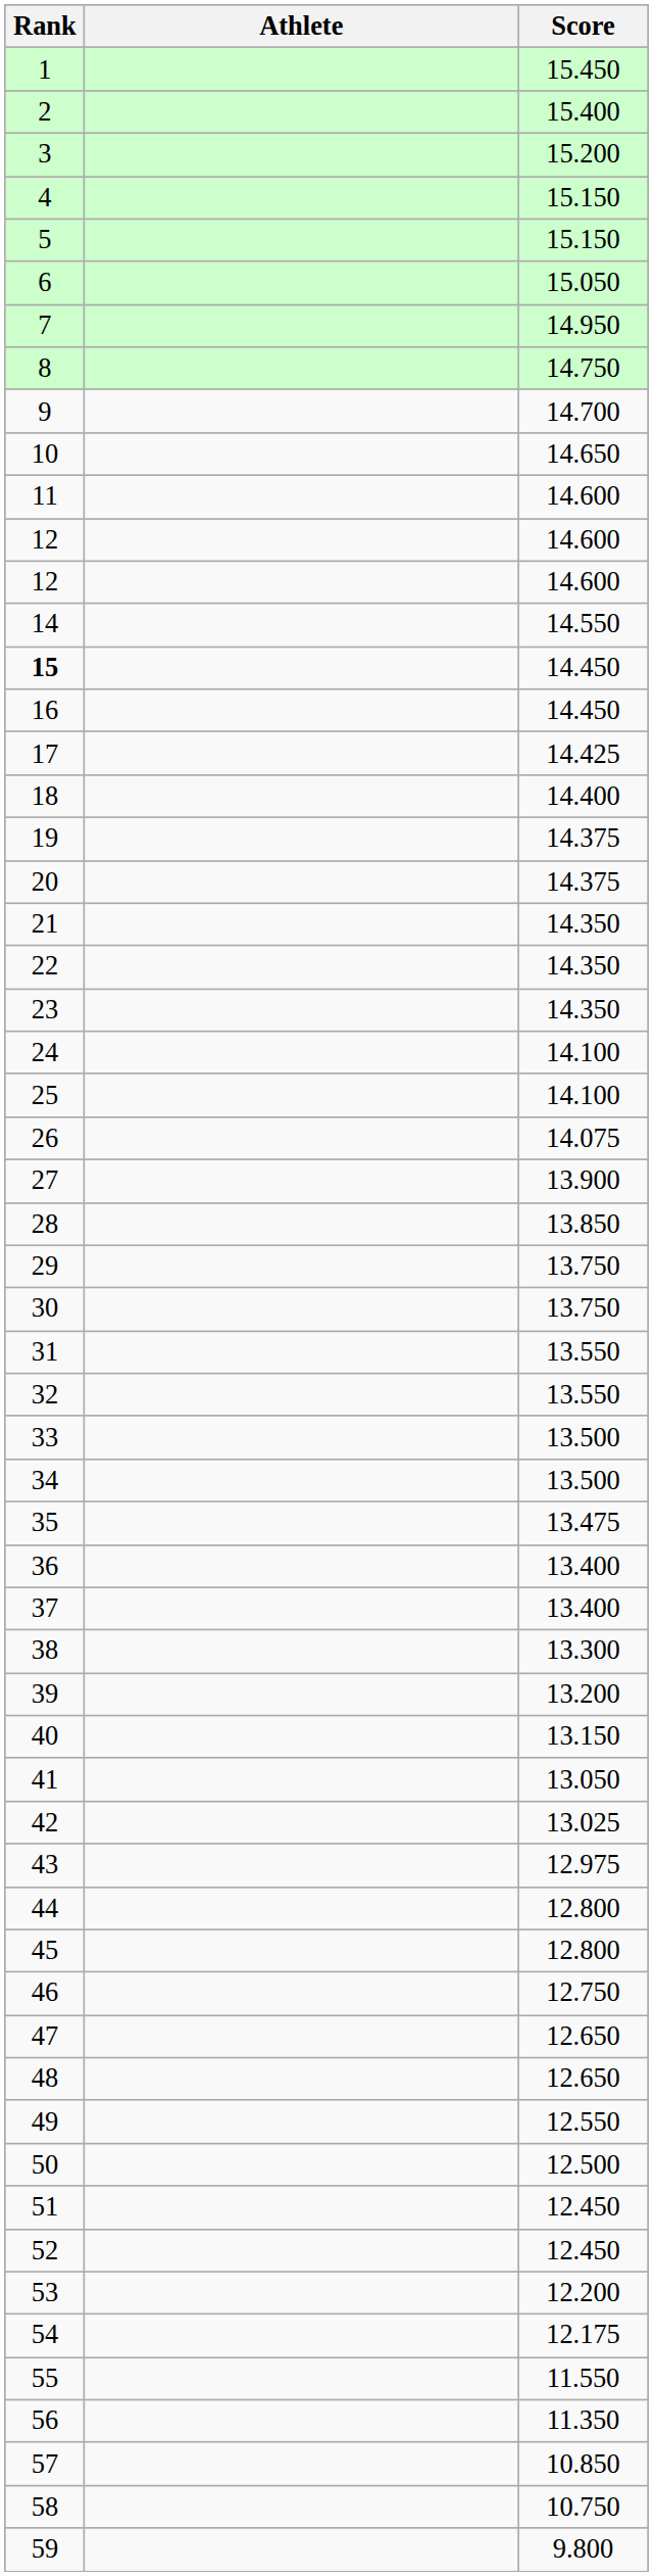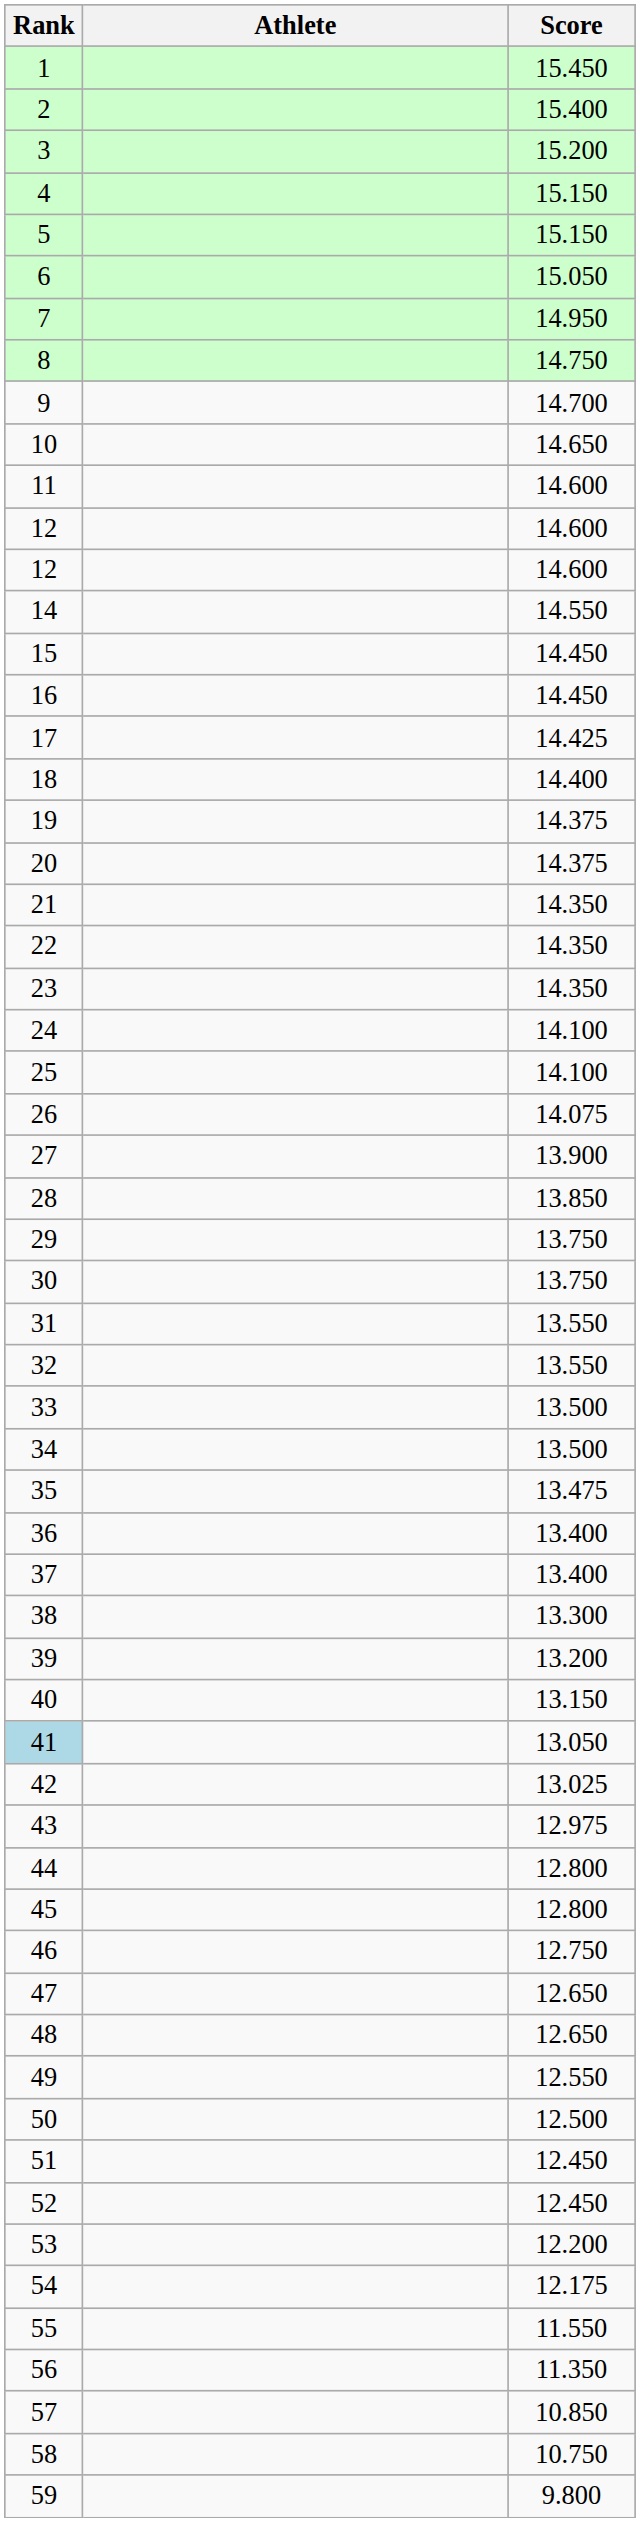 <table class=wikitable style="text-align:center">
 <tr>
 <th width=40>Rank</th>
 <th width=250>Athlete</th>
 <th width=70>Score</th>
 </tr>
 <tr bgcolor="ccffcc">
 <td>1</td>
 <td align=left></td>
 <td>15.450</td>
 </tr>
 <tr bgcolor="ccffcc">
 <td>2</td>
 <td align=left></td>
 <td>15.400</td>
 </tr>
 <tr bgcolor="ccffcc">
 <td>3</td>
 <td align=left></td>
 <td>15.200</td>
 </tr>
 <tr bgcolor="ccffcc">
 <td>4</td>
 <td align=left></td>
 <td>15.150</td>
 </tr>
 <tr bgcolor="ccffcc">
 <td>5</td>
 <td align=left></td>
 <td>15.150</td>
 </tr>
 <tr bgcolor="ccffcc">
 <td>6</td>
 <td align=left></td>
 <td>15.050</td>
 </tr>
 <tr bgcolor="ccffcc">
 <td>7</td>
 <td align=left></td>
 <td>14.950</td>
 </tr>
 <tr bgcolor="ccffcc">
 <td>8 </td>
 <td align=left></td>
 <td>14.750</td>
 </tr>
 <tr>
 <td>9</td>
 <td align=left></td>
 <td>14.700</td>
 </tr>
 <tr>
 <td>10 </td>
 <td align=left></td>
 <td>14.650</td>
 </tr>
 <tr>
 <td>11</td>
 <td align=left></td>
 <td>14.600</td>
 </tr>
 <tr>
 <td>12</td>
 <td align=left></td>
 <td>14.600</td>
 </tr>
 <tr>
 <td>12</td>
 <td align=left></td>
 <td>14.600</td>
 </tr>
 <tr>
 <td>14</td>
 <td align=left></td>
 <td>14.550</td>
 </tr>
 <tr>
-<td><strong>15</strong></td>
+<td>15</td>
 <td align=left></td>
 <td>14.450</td>
 </tr>
 <tr>
 <td>16</td>
 <td align=left></td>
 <td>14.450</td>
 </tr>
 <tr>
 <td>17</td>
 <td align=left></td>
 <td>14.425</td>
 </tr>
 <tr>
 <td>18</td>
 <td align=left></td>
 <td>14.400</td>
 </tr>
 <tr>
 <td>19</td>
 <td align=left></td>
 <td>14.375</td>
 </tr>
 <tr>
 <td>20</td>
 <td align=left></td>
 <td>14.375</td>
 </tr>
 <tr>
 <td>21</td>
 <td align=left></td>
 <td>14.350</td>
 </tr>
 <tr>
 <td>22</td>
 <td align=left></td>
 <td>14.350</td>
 </tr>
 <tr>
 <td>23</td>
 <td align=left></td>
 <td>14.350</td>
 </tr>
 <tr>
 <td>24</td>
 <td align=left></td>
 <td>14.100</td>
 </tr>
 <tr>
 <td>25</td>
 <td align=left></td>
 <td>14.100</td>
 </tr>
 <tr>
 <td>26</td>
 <td align=left></td>
 <td>14.075</td>
 </tr>
 <tr>
 <td>27</td>
 <td align=left></td>
 <td>13.900</td>
 </tr>
 <tr>
 <td>28</td>
 <td align=left></td>
 <td>13.850</td>
 </tr>
 <tr>
 <td>29</td>
 <td align=left></td>
 <td>13.750</td>
 </tr>
 <tr>
 <td>30</td>
 <td align=left></td>
 <td>13.750</td>
 </tr>
 <tr>
 <td>31</td>
 <td align=left></td>
 <td>13.550</td>
 </tr>
 <tr>
 <td>32</td>
 <td align=left></td>
 <td>13.550</td>
 </tr>
 <tr>
 <td>33</td>
 <td align=left></td>
 <td>13.500</td>
 </tr>
 <tr>
 <td>34</td>
 <td align=left></td>
 <td>13.500</td>
 </tr>
 <tr>
 <td>35</td>
 <td align=left></td>
 <td>13.475</td>
 </tr>
 <tr>
 <td>36</td>
 <td align=left></td>
 <td>13.400</td>
 </tr>
 <tr>
 <td>37</td>
 <td align=left></td>
 <td>13.400</td>
 </tr>
 <tr>
 <td>38</td>
 <td align=left></td>
 <td>13.300</td>
 </tr>
 <tr>
 <td>39</td>
 <td align=left></td>
 <td>13.200</td>
 </tr>
 <tr>
 <td>40</td>
 <td align=left></td>
 <td>13.150</td>
 </tr>
 <tr>
-<td>41</td>
+<td style="background: lightblue;">41</td>
 <td align=left></td>
 <td>13.050</td>
 </tr>
 <tr>
 <td>42</td>
 <td align=left></td>
 <td>13.025</td>
 </tr>
 <tr>
 <td>43</td>
 <td align=left></td>
 <td>12.975</td>
 </tr>
 <tr>
 <td>44</td>
 <td align=left></td>
 <td>12.800</td>
 </tr>
 <tr>
 <td>45</td>
 <td align=left></td>
 <td>12.800</td>
 </tr>
 <tr>
 <td>46</td>
 <td align=left></td>
 <td>12.750</td>
 </tr>
 <tr>
 <td>47</td>
 <td align=left></td>
 <td>12.650</td>
 </tr>
 <tr>
 <td>48</td>
 <td align=left></td>
 <td>12.650</td>
 </tr>
 <tr>
 <td>49</td>
 <td align=left></td>
 <td>12.550</td>
 </tr>
 <tr>
 <td>50</td>
 <td align=left></td>
 <td>12.500</td>
 </tr>
 <tr>
 <td>51</td>
 <td align=left></td>
 <td>12.450</td>
 </tr>
 <tr>
 <td>52</td>
 <td align=left></td>
 <td>12.450</td>
 </tr>
 <tr>
 <td>53</td>
 <td align=left></td>
 <td>12.200</td>
 </tr>
 <tr>
 <td>54</td>
 <td align=left></td>
 <td>12.175</td>
 </tr>
 <tr>
 <td>55</td>
 <td align=left></td>
 <td>11.550</td>
 </tr>
 <tr>
 <td>56</td>
 <td align=left></td>
 <td>11.350</td>
 </tr>
 <tr>
 <td>57</td>
 <td align=left></td>
 <td>10.850</td>
 </tr>
 <tr>
 <td>58</td>
 <td align=left></td>
 <td>10.750</td>
 </tr>
 <tr>
 <td>59</td>
 <td align=left></td>
 <td>9.800</td>
 </tr>
 </table>
